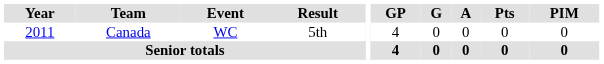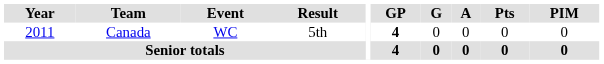 <table border="0" cellpadding="1" cellspacing="0" ID="Table3" style="text-align:center; width:40em">
 <tr ALIGN="centre" bgcolor="#e0e0e0">
 <th>Year</th>
 <th>Team</th>
 <th>Event</th>
 <th>Result</th>
 <th rowspan="99" bgcolor="#ffffff"></th>
 <th>GP</th>
 <th>G</th>
 <th>A</th>
 <th>Pts</th>
 <th>PIM</th>
 </tr>
 <tr>
 <td><a href='#'>2011</a></td>
 <td><a href='#'>Canada</a></td>
 <td><a href='#'>WC</a></td>
 <td>5th</td>
-<td>4</td>
+<td><strong>4</strong></td>
 <td>0</td>
 <td>0</td>
 <td>0</td>
 <td>0</td>
 </tr>
 <tr bgcolor="#e0e0e0">
 <th colspan=4>Senior totals</th>
 <th>4</th>
 <th>0</th>
 <th>0</th>
 <th>0</th>
 <th>0</th>
 </tr>
 </table>
